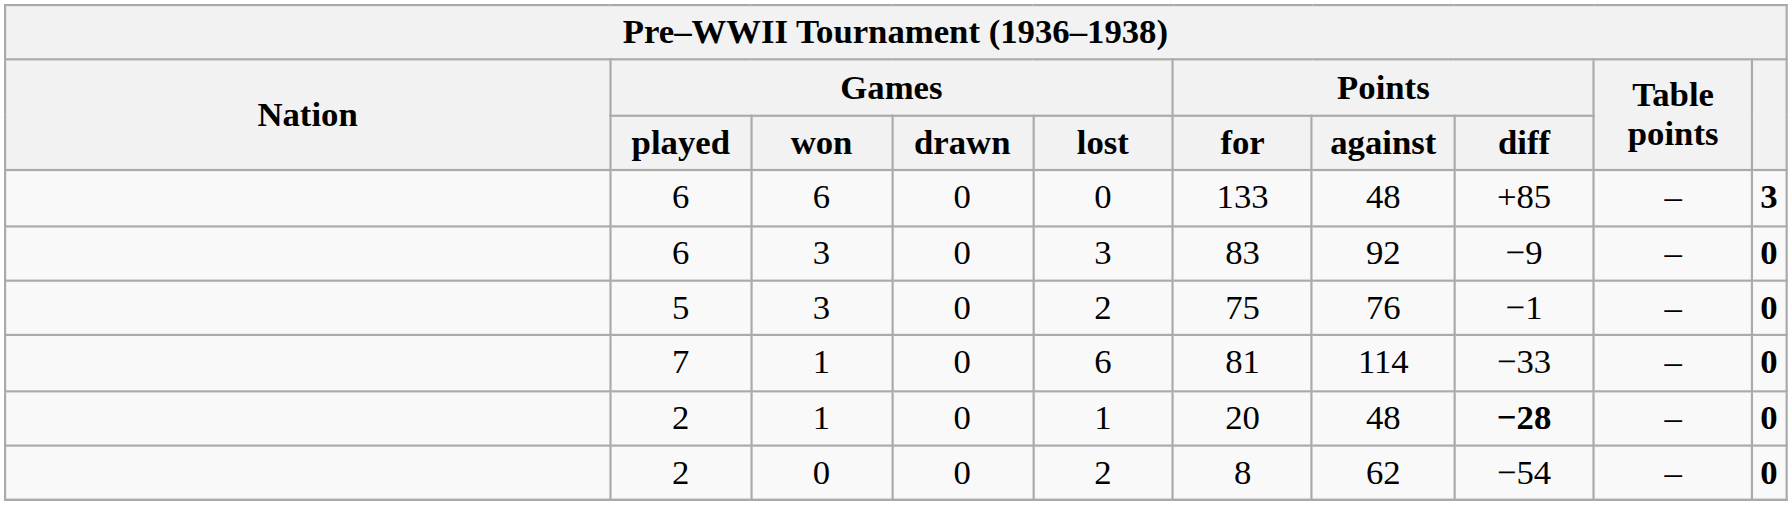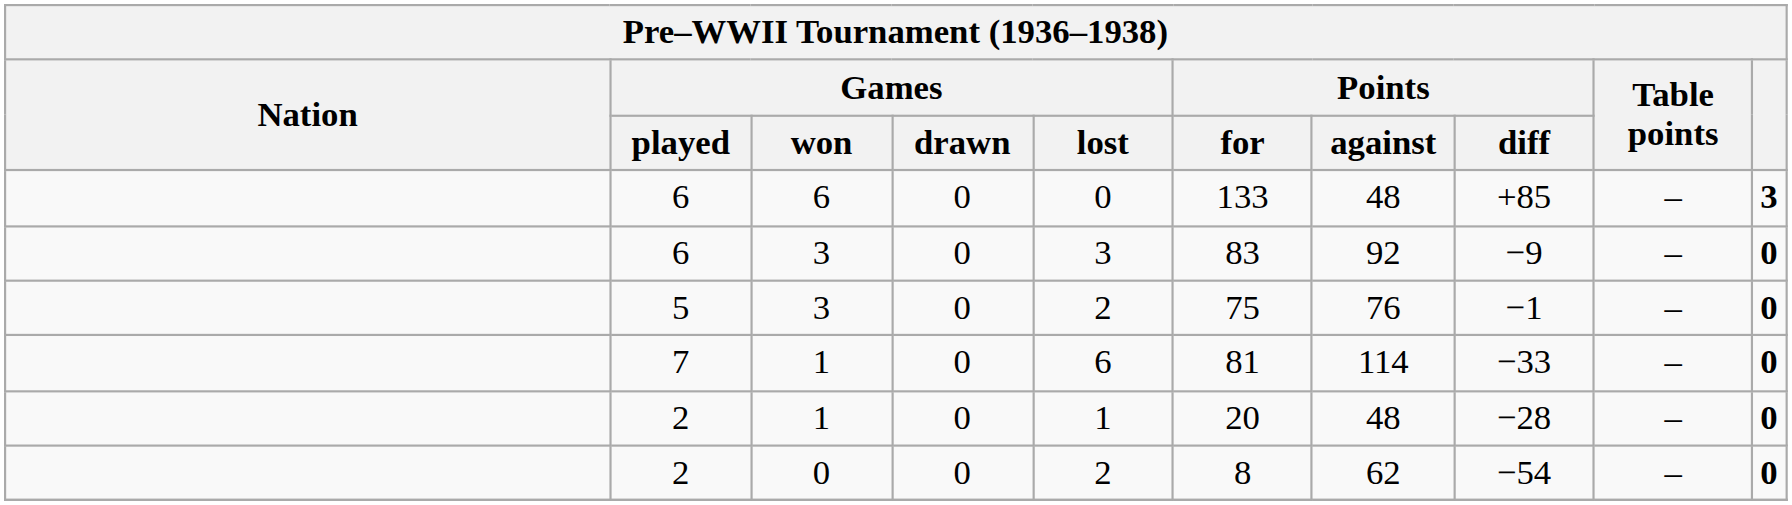 <table class="wikitable" style="width:65%;">
 <tr>
 <th colspan="11" style="width:70%;">Pre–WWII Tournament (1936–1938)</th>
 </tr>
 <tr>
 <th rowspan="2" style="width:35%;">Nation</th>
 <th colspan="4" style="width:32%;">Games</th>
 <th colspan="3" style="width:18%;">Points</th>
 <th rowspan="2" style="width:16%;">Table<br>points</th>
 <th rowspan="2" style="width:15%;"></th>
 </tr>
 <tr>
 <th style="width:8%;">played</th>
 <th style="width:8%;">won</th>
 <th style="width:8%;">drawn</th>
 <th style="width:8%;">lost</th>
 <th style="width:8%;">for</th>
 <th style="width:8%;">against</th>
 <th style="width:8%;">diff</th>
 </tr>
 <tr style="text-align:center">
 <td style="text-align:left"></td>
 <td>6</td>
 <td>6</td>
 <td>0</td>
 <td>0</td>
 <td>133</td>
 <td>48</td>
 <td>+85</td>
 <td>–</td>
 <td><strong>3</strong></td>
 </tr>
 <tr style="text-align:center">
 <td style="text-align:left"></td>
 <td>6</td>
 <td>3</td>
 <td>0</td>
 <td>3</td>
 <td>83</td>
 <td>92</td>
 <td>−9</td>
 <td>–</td>
 <td><strong>0</strong></td>
 </tr>
 <tr style="text-align:center">
 <td style="text-align:left"></td>
 <td>5</td>
 <td>3</td>
 <td>0</td>
 <td>2</td>
 <td>75</td>
 <td>76</td>
 <td>−1</td>
 <td>–</td>
 <td><strong>0</strong></td>
 </tr>
 <tr style="text-align:center">
 <td style="text-align:left"></td>
 <td>7</td>
 <td>1</td>
 <td>0</td>
 <td>6</td>
 <td>81</td>
 <td>114</td>
 <td>−33</td>
 <td>–</td>
 <td><strong>0</strong></td>
 </tr>
 <tr style="text-align:center">
 <td style="text-align:left"></td>
 <td>2</td>
 <td>1</td>
 <td>0</td>
 <td>1</td>
 <td>20</td>
 <td>48</td>
-<td><strong>−28</strong></td>
+<td>−28</td>
 <td>–</td>
 <td><strong>0</strong></td>
 </tr>
 <tr style="text-align:center">
 <td style="text-align:left"></td>
 <td>2</td>
 <td>0</td>
 <td>0</td>
 <td>2</td>
 <td>8</td>
 <td>62</td>
 <td>−54</td>
 <td>–</td>
 <td><strong>0</strong></td>
 </tr>
 <tr style="text-align:center">
 </tr>
 </table>
